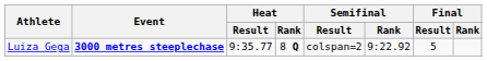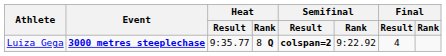 <table class=wikitable style=font-size:90%>
 <tr>
 <th rowspan=2>Athlete</th>
 <th rowspan=2>Event</th>
 <th colspan=2>Heat</th>
 <th colspan=2>Semifinal</th>
 <th colspan=2>Final</th>
 </tr>
 <tr style=font-size:95%>
 <th>Result</th>
 <th>Rank</th>
 <th>Result</th>
 <th>Rank</th>
 <th>Result</th>
 <th>Rank</th>
 </tr>
 <tr align=center>
 <td align=left><a href='#'>Luiza Gega</a></td>
 <td align=left><strong><a href='#'>3000 metres steeplechase</a></strong></td>
 <td>9:35.77</td>
 <td>8 <strong>Q</strong></td>
-<td>colspan=2</td>
+<td><strong>colspan=2</strong></td>
 <td>9:22.92 </td>
-<td>5</td>
+<td>4</td>
 </tr>
 </table>
